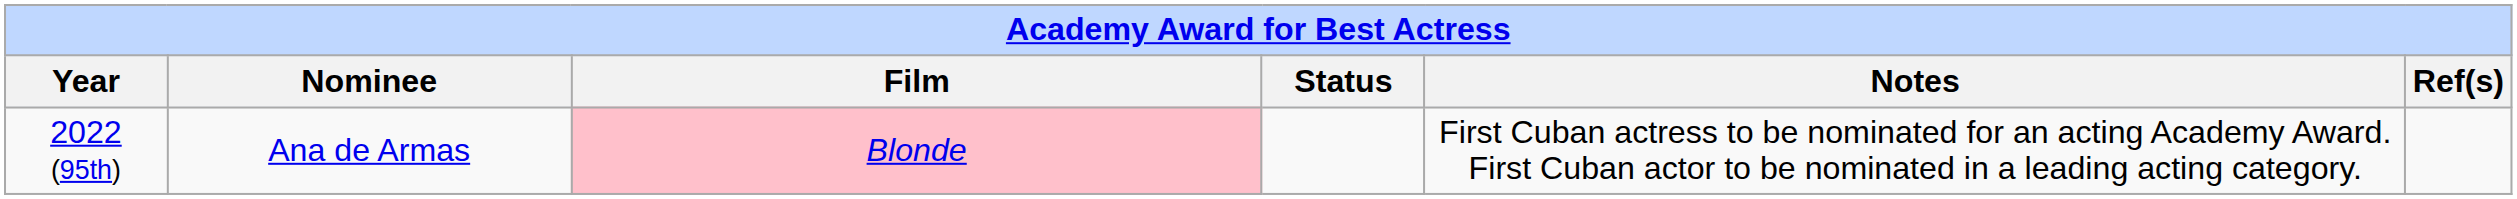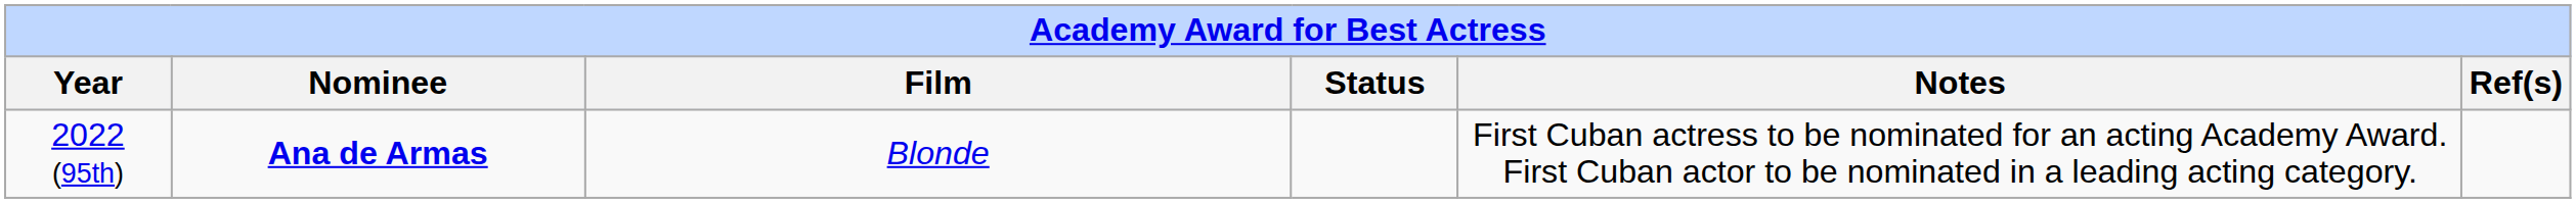 <table class="wikitable" style="text-align: center">
 <tr style="background:#bfd7ff;">
 <td colspan="6" style="text-align:center;"><strong><a href='#'>Academy Award for Best Actress</a></strong></td>
 </tr>
 <tr style="background:#ebf5ff;">
 <th style="width:75px;">Year</th>
 <th style="width:200px;">Nominee</th>
 <th style="width:350px;">Film</th>
 <th style="width:75px;">Status</th>
 <th style="width:500px;">Notes</th>
 <th width="3">Ref(s)</th>
 </tr>
 <tr>
 <td style="text-align: center"><a href='#'>2022</a><br><small>(<a href='#'>95th</a>)</small></td>
-<td><a href='#'>Ana de Armas</a></td>
-<td style="background: pink;"><em><a href='#'>Blonde</a></em></td>
+<td><strong><a href='#'>Ana de Armas</a></strong></td>
+<td><em><a href='#'>Blonde</a></em></td>
 <td></td>
 <td>First Cuban actress to be nominated for an acting Academy Award.<br>First Cuban actor to be nominated in a leading acting category.</td>
 <td style="text-align: center"></td>
 </tr>
 </table>
